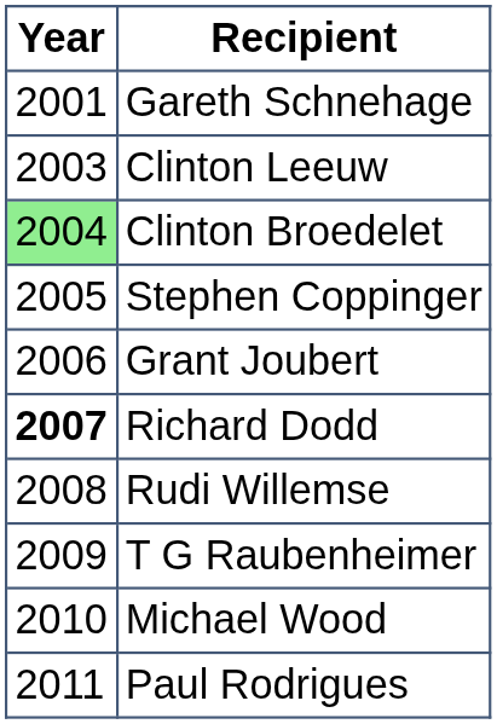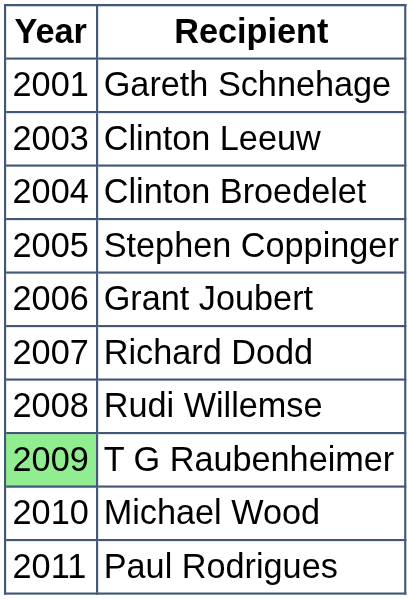 <table cellpadding="3" cellspacing="4" border="1" style="border:#435877 solid 1px; border-collapse: collapse;">
 <tr bgcolor="#d1e4fd">
 </tr>
 <tr>
 <th><strong>Year</strong></th>
 <th><strong>Recipient</strong></th>
 </tr>
 <tr>
 <td>2001</td>
 <td>Gareth Schnehage</td>
 </tr>
 <tr>
 <td>2003</td>
 <td>Clinton Leeuw</td>
 </tr>
 <tr>
-<td style="background: lightgreen;">2004</td>
+<td>2004</td>
 <td>Clinton Broedelet</td>
 </tr>
 <tr>
 <td>2005</td>
 <td>Stephen Coppinger</td>
 </tr>
 <tr>
 <td>2006</td>
 <td>Grant Joubert</td>
 </tr>
 <tr>
-<td><strong>2007</strong></td>
+<td>2007</td>
 <td>Richard Dodd</td>
 </tr>
 <tr>
 <td>2008</td>
 <td>Rudi Willemse</td>
 </tr>
 <tr>
-<td>2009</td>
+<td style="background: lightgreen;">2009</td>
 <td>T G Raubenheimer</td>
 </tr>
 <tr>
 <td>2010</td>
 <td>Michael Wood</td>
 </tr>
 <tr>
 <td>2011</td>
 <td>Paul Rodrigues</td>
 </tr>
 </table>
